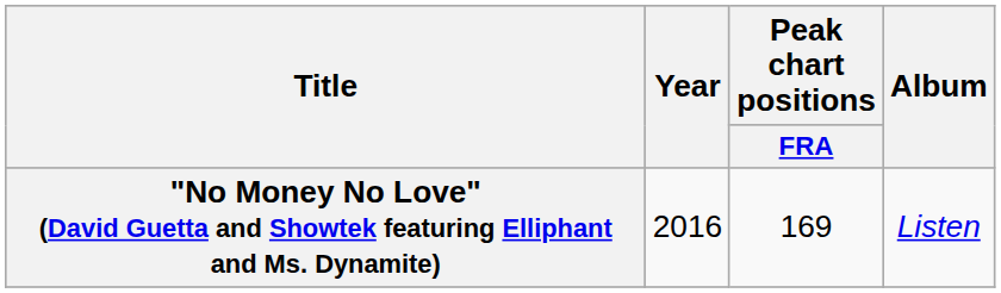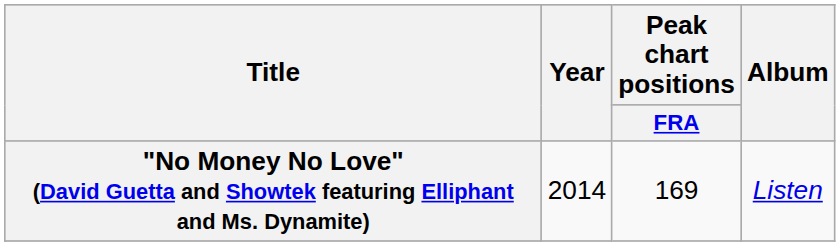 <table class="wikitable plainrowheaders" style="text-align:center;">
 <tr>
 <th scope="col" rowspan="2" style="width:20em;">Title</th>
 <th scope="col" rowspan="2" style="width:10px;">Year</th>
 <th scope="col">Peak chart positions</th>
 <th scope="col" rowspan="2">Album</th>
 </tr>
 <tr>
 <th scope="col" style="width:3em;font-size:85%;"><a href='#'>FRA</a><br></th>
 </tr>
 <tr>
 <th scope="row">"No Money No Love"<br><small>(<a href='#'>David Guetta</a> and <a href='#'>Showtek</a> featuring <a href='#'>Elliphant</a> and Ms. Dynamite)</small></th>
-<td>2016</td>
+<td>2014</td>
 <td>169</td>
 <td><em><a href='#'>Listen</a></em></td>
 </tr>
 </table>
